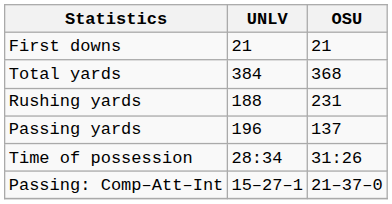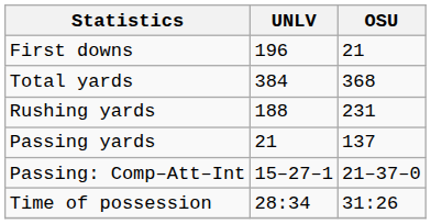 <table class="wikitable" style="float: left;">
 <tr>
 <th>Statistics</th>
 <th>UNLV</th>
 <th>OSU</th>
 </tr>
 <tr>
 <td>First downs</td>
-<td>21</td>
+<td>196</td>
 <td>21</td>
 </tr>
 <tr>
 <td>Total yards</td>
 <td>384</td>
 <td>368</td>
 </tr>
 <tr>
 <td>Rushing yards</td>
 <td>188</td>
 <td>231</td>
 </tr>
 <tr>
 <td>Passing yards</td>
-<td>196</td>
+<td>21</td>
 <td>137</td>
+</tr>
+<tr>
+<td>Passing: Comp–Att–Int</td>
+<td>15–27–1</td>
+<td>21–37–0</td>
 </tr>
 <tr>
 <td>Time of possession</td>
 <td>28:34</td>
 <td>31:26</td>
 </tr>
 <tr>
-<td>Passing: Comp–Att–Int</td>
-<td>15–27–1</td>
-<td>21–37–0</td>
-</tr>
-<tr>
 </tr>
 </table>
